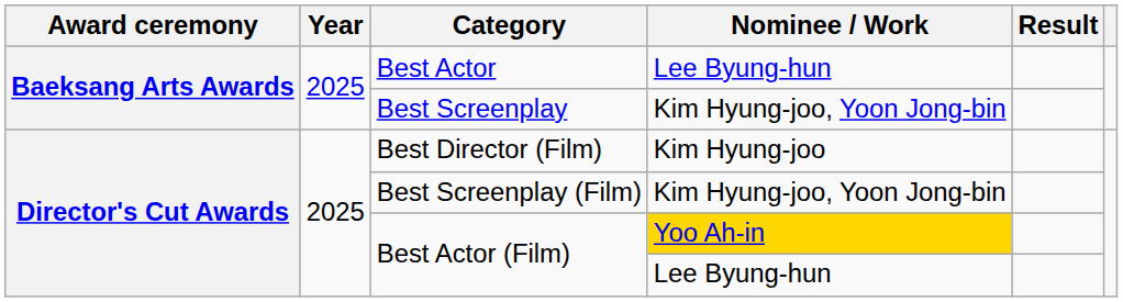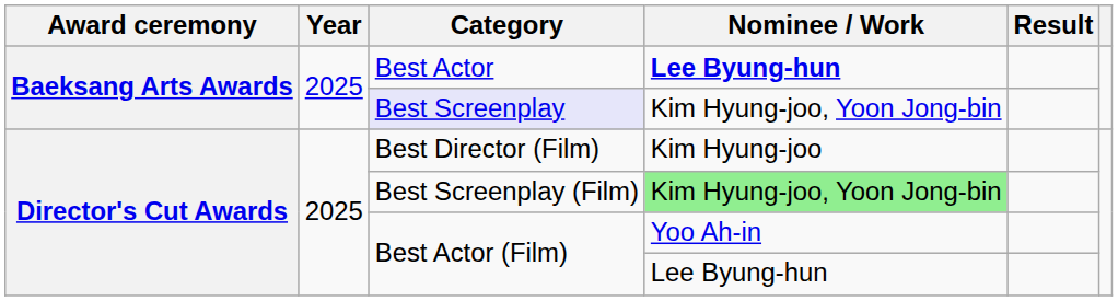 <table class="wikitable plainrowheaders sortable">
 <tr>
 <th scope="col">Award ceremony</th>
 <th scope="col">Year</th>
 <th scope="col">Category </th>
 <th scope="col">Nominee / Work </th>
 <th scope="col">Result</th>
 <th scope="col" class="unsortable"></th>
 </tr>
 <tr>
 <th scope="row" rowspan="2"><a href='#'>Baeksang Arts Awards</a></th>
 <td rowspan="2" style="text-align:center"><a href='#'>2025</a></td>
 <td><a href='#'>Best Actor</a></td>
-<td><a href='#'>Lee Byung-hun</a></td>
+<td><strong><a href='#'>Lee Byung-hun</a></strong></td>
 <td></td>
 <td rowspan="2" style="text-align:center"></td>
 </tr>
 <tr>
-<td><a href='#'>Best Screenplay</a></td>
+<td style="background: lavender;"><a href='#'>Best Screenplay</a></td>
 <td>Kim Hyung-joo, <a href='#'>Yoon Jong-bin</a></td>
 <td></td>
 </tr>
 <tr>
 <th scope="row" rowspan="4"><a href='#'>Director's Cut Awards</a></th>
 <td rowspan="4" style="text-align:center">2025</td>
 <td>Best Director (Film)</td>
 <td>Kim Hyung-joo</td>
 <td></td>
 <td rowspan="4" style="text-align:center"></td>
 </tr>
 <tr>
 <td>Best Screenplay (Film)</td>
-<td>Kim Hyung-joo, Yoon Jong-bin</td>
+<td style="background: lightgreen;">Kim Hyung-joo, Yoon Jong-bin</td>
 <td></td>
 </tr>
 <tr>
 <td rowspan="2">Best Actor (Film)</td>
-<td style="background: gold;"><a href='#'>Yoo Ah-in</a></td>
+<td><a href='#'>Yoo Ah-in</a></td>
 <td></td>
 </tr>
 <tr>
 <td>Lee Byung-hun</td>
 <td></td>
 </tr>
 </table>
